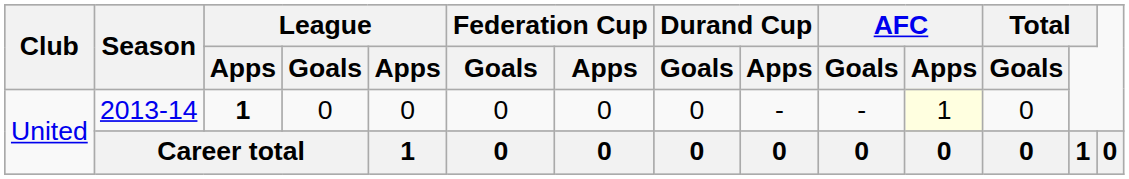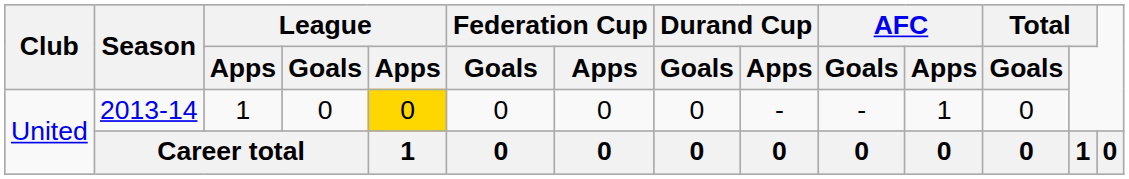 <table class="wikitable" style="text-align: center;">
 <tr>
 <th rowspan="2">Club</th>
 <th rowspan="2">Season</th>
 <th colspan="3">League</th>
 <th colspan="2">Federation Cup</th>
 <th colspan="2">Durand Cup</th>
 <th colspan="2"><a href='#'>AFC</a></th>
 <th colspan="2">Total</th>
 </tr>
 <tr>
 <th>Apps</th>
 <th>Goals</th>
 <th>Apps</th>
 <th>Goals</th>
 <th>Apps</th>
 <th>Goals</th>
 <th>Apps</th>
 <th>Goals</th>
 <th>Apps</th>
 <th>Goals</th>
 </tr>
 <tr>
 <td rowspan="2"><a href='#'>United</a></td>
 <td><a href='#'>2013-14</a></td>
-<td><strong>1</strong></td>
+<td>1</td>
 <td>0</td>
-<td>0</td>
+<td style="background: gold;">0</td>
 <td>0</td>
 <td>0</td>
 <td>0</td>
 <td>-</td>
 <td>-</td>
-<td style="background: lightyellow;">1</td>
+<td>1</td>
 <td>0</td>
 </tr>
 <tr>
 <th colspan="3">Career total</th>
 <th>1</th>
 <th>0</th>
 <th>0</th>
 <th>0</th>
 <th>0</th>
 <th>0</th>
 <th>0</th>
 <th>0</th>
 <th>1</th>
 <th>0</th>
 </tr>
 </table>
